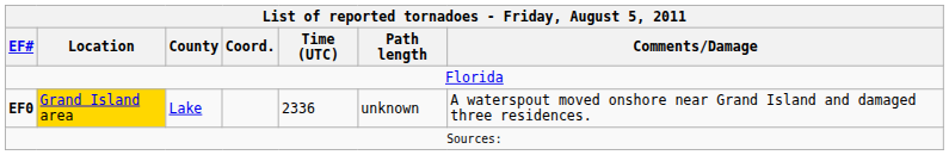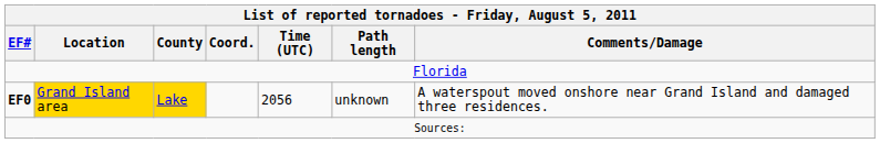 <table class="wikitable collapsible" width="100%">
 <tr>
 <th colspan="7">List of reported tornadoes - Friday, August 5, 2011</th>
 </tr>
 <tr>
 <th><a href='#'>EF#</a></th>
 <th>Location</th>
 <th>County</th>
 <th>Coord.</th>
 <th>Time (UTC)</th>
 <th>Path length</th>
 <th>Comments/Damage</th>
 </tr>
 <tr>
 <td colspan="7" align=center><a href='#'>Florida</a></td>
 </tr>
 <tr>
 <td><strong>EF0</strong></td>
 <td style="background: gold;"><a href='#'>Grand Island</a> area</td>
-<td><a href='#'>Lake</a></td>
+<td style="background: gold;"><a href='#'>Lake</a></td>
 <td></td>
-<td>2336</td>
+<td>2056</td>
 <td>unknown</td>
 <td>A waterspout moved onshore near Grand Island and damaged three residences.</td>
 </tr>
 <tr>
 <td colspan="7" align=center><small>Sources:  </small></td>
 </tr>
 </table>
